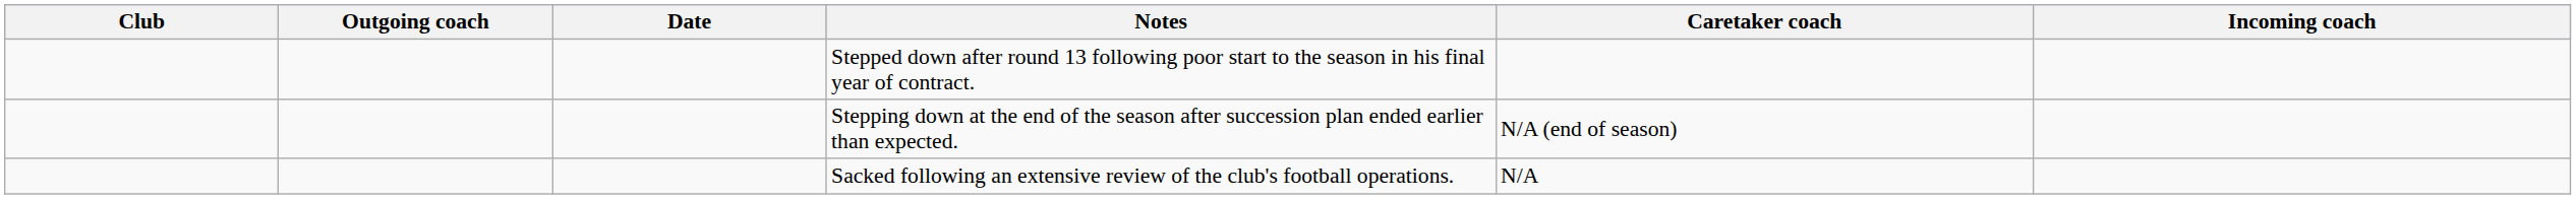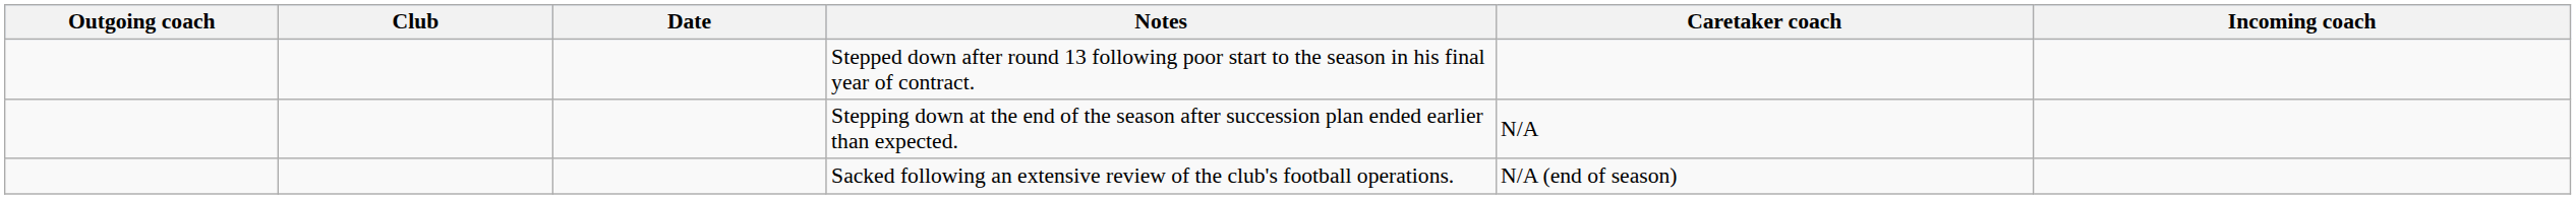 <table class="wikitable plainrowheaders sortable" style="text-align:left;">
 <tr style="background:#C1D8FF;">
+<th scope="col" style="width:12em">Outgoing coach</th>
 <th scope="col" style="width:12em">Club</th>
-<th scope="col" style="width:12em">Outgoing coach</th>
 <th scope="col" style="width:12em">Date</th>
 <th scope="col" style="width:30em">Notes</th>
 <th scope="col" style="width:24em">Caretaker coach</th>
 <th scope="col" style="width:24em">Incoming coach</th>
 </tr>
 <tr>
 <td></td>
 <td></td>
 <td></td>
 <td>Stepped down after round 13 following poor start to the season in his final year of contract.</td>
 <td></td>
 <td></td>
 </tr>
 <tr>
 <td></td>
 <td></td>
 <td></td>
 <td>Stepping down at the end of the season after succession plan ended earlier than expected.</td>
-<td>N/A (end of season)</td>
+<td>N/A</td>
 <td></td>
 </tr>
 <tr>
 <td></td>
 <td></td>
 <td></td>
 <td>Sacked following an extensive review of the club's football operations.</td>
-<td>N/A</td>
+<td>N/A (end of season)</td>
 <td></td>
 </tr>
 </table>
